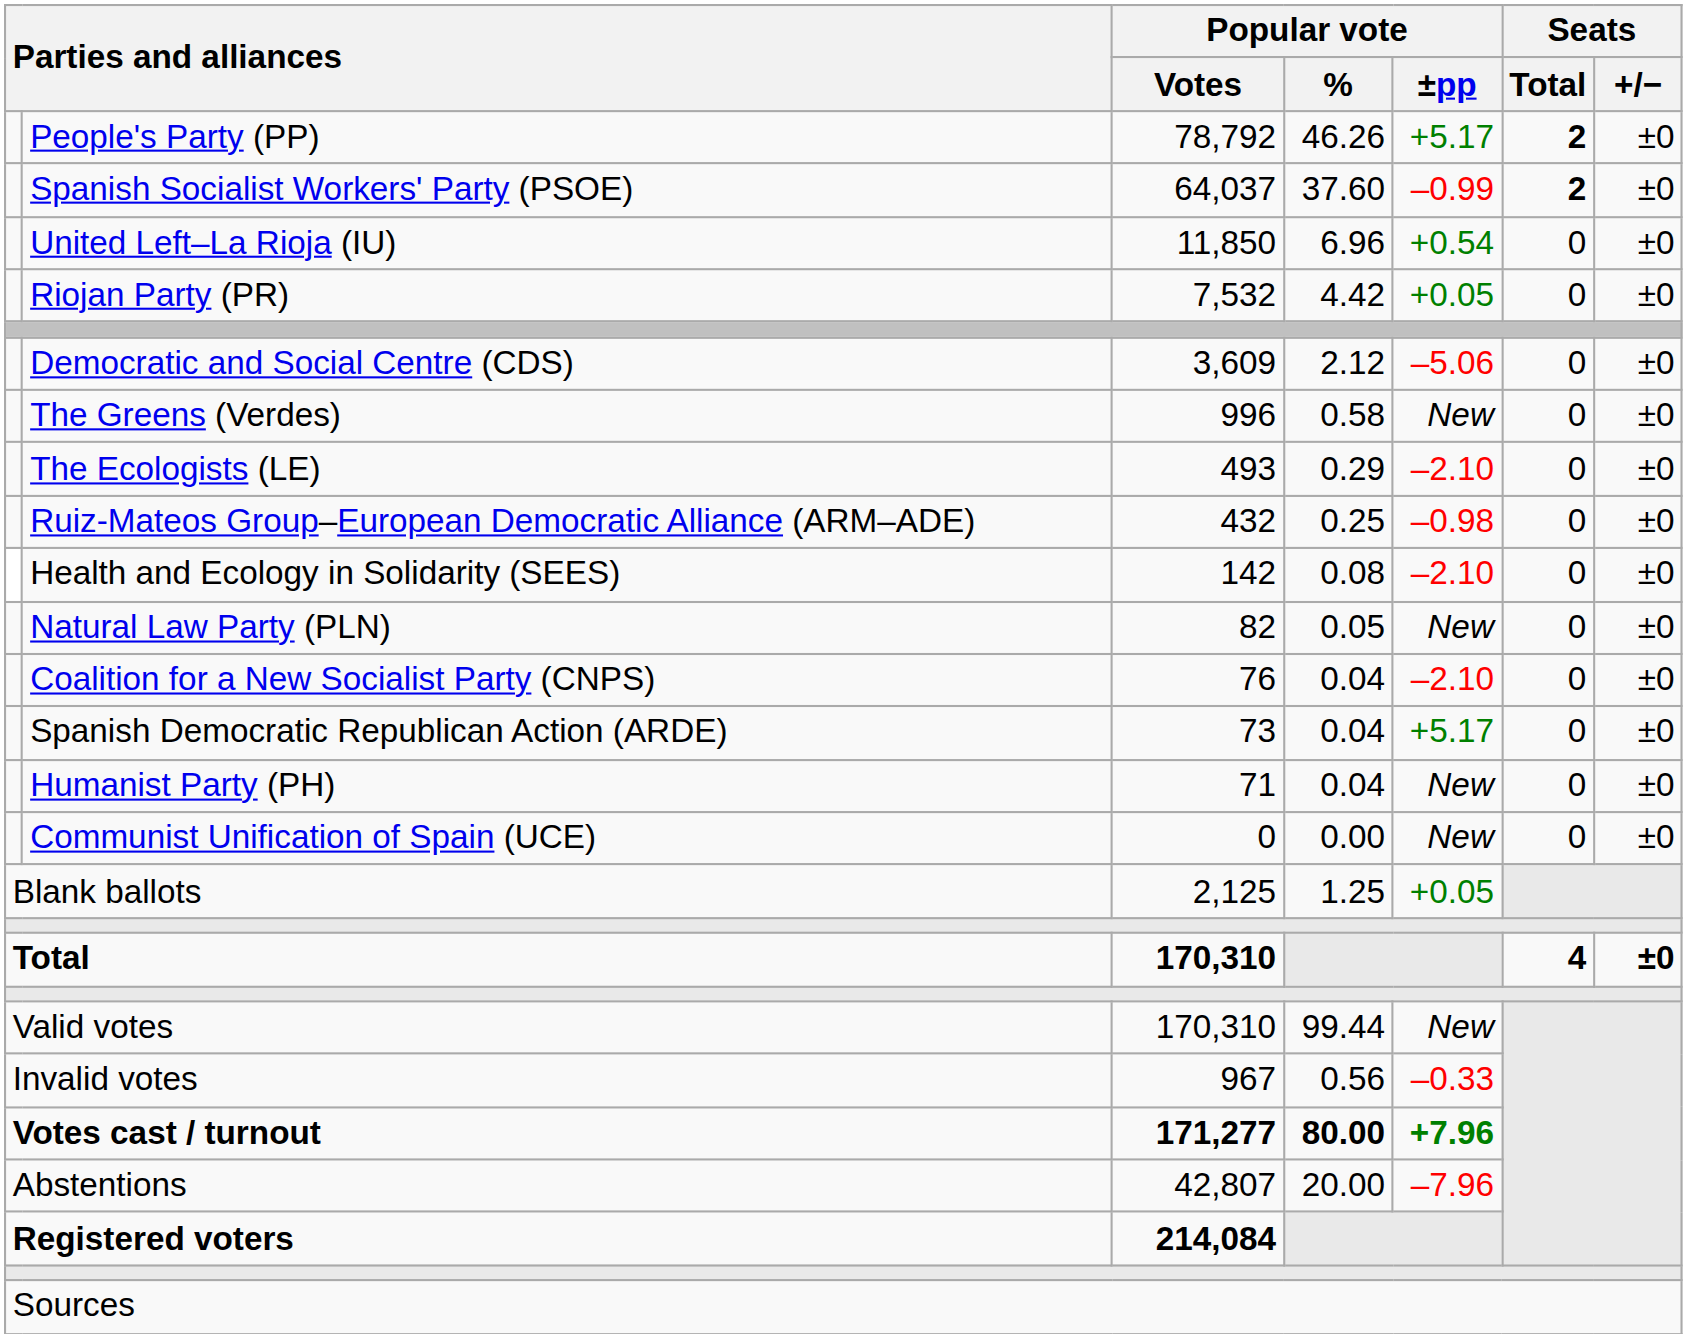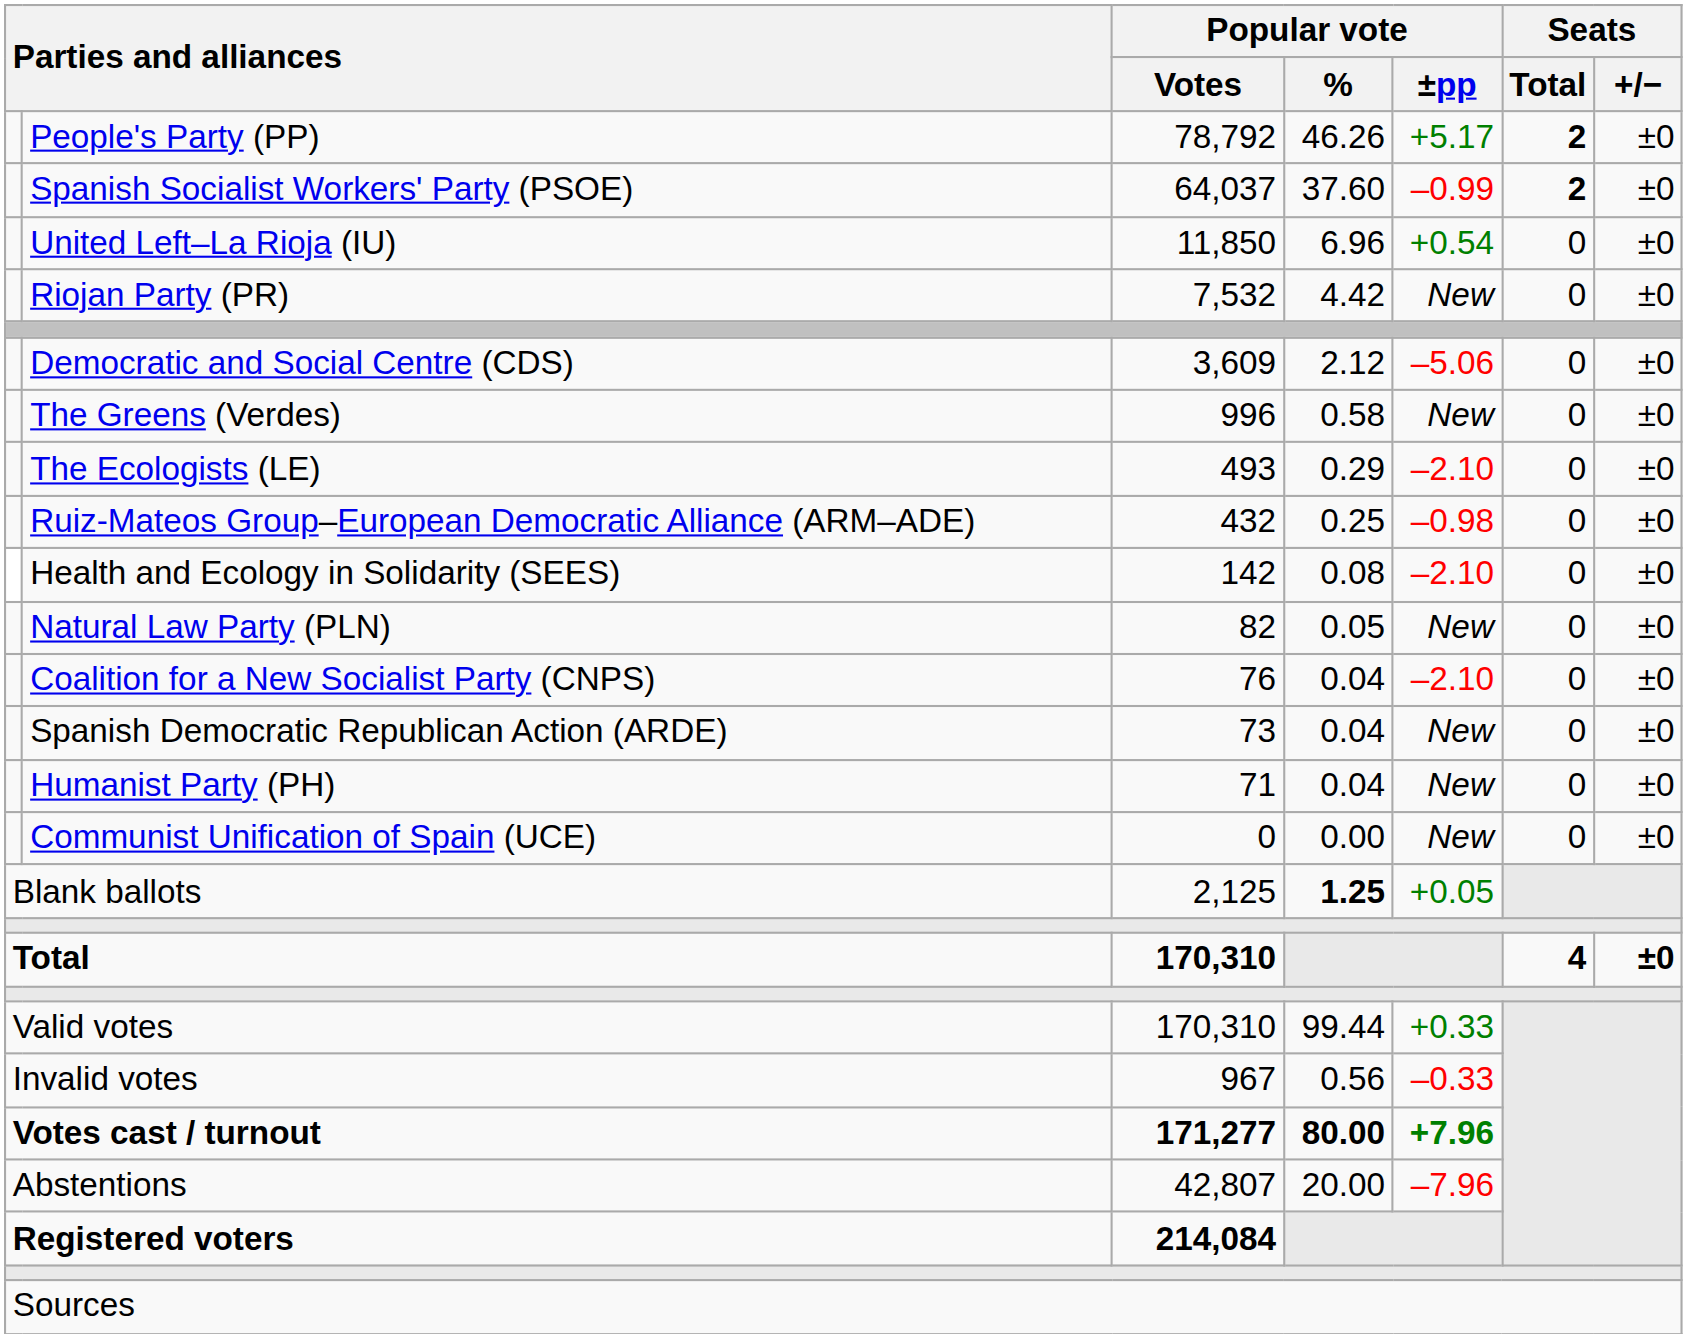 <table class="wikitable" style="text-align:right;">
 <tr>
 <th style="text-align:left;" rowspan="2" colspan="2" width="525">Parties and alliances</th>
 <th colspan="3">Popular vote</th>
 <th colspan="2">Seats</th>
 </tr>
 <tr>
 <th width="75">Votes</th>
 <th width="45">%</th>
 <th width="45">±<a href='#'>pp</a></th>
 <th width="35">Total</th>
 <th width="35">+/−</th>
 </tr>
 <tr>
 <td width="1" style="color:inherit;background:"></td>
 <td align="left"><a href='#'>People's Party</a> (PP)</td>
 <td>78,792</td>
 <td>46.26</td>
 <td style="color:green;">+5.17</td>
 <td><strong>2</strong></td>
 <td>±0</td>
 </tr>
 <tr>
 <td style="color:inherit;background:"></td>
 <td align="left"><a href='#'>Spanish Socialist Workers' Party</a> (PSOE)</td>
 <td>64,037</td>
 <td>37.60</td>
 <td style="color:red;">–0.99</td>
 <td><strong>2</strong></td>
 <td>±0</td>
 </tr>
 <tr>
 <td style="color:inherit;background:"></td>
 <td align="left"><a href='#'>United Left–La Rioja</a> (IU)</td>
 <td>11,850</td>
 <td>6.96</td>
 <td style="color:green;">+0.54</td>
 <td>0</td>
 <td>±0</td>
 </tr>
 <tr>
 <td style="color:inherit;background:"></td>
 <td align="left"><a href='#'>Riojan Party</a> (PR)</td>
 <td>7,532</td>
 <td>4.42</td>
-<td style="color:green;">+0.05</td>
+<td><em>New</em></td>
 <td>0</td>
 <td>±0</td>
 </tr>
 <tr>
 <td colspan="7" bgcolor="#C0C0C0"></td>
 </tr>
 <tr>
 <td style="color:inherit;background:"></td>
 <td align="left"><a href='#'>Democratic and Social Centre</a> (CDS)</td>
 <td>3,609</td>
 <td>2.12</td>
 <td style="color:red;">–5.06</td>
 <td>0</td>
 <td>±0</td>
 </tr>
 <tr>
 <td style="color:inherit;background:"></td>
 <td align="left"><a href='#'>The Greens</a> (Verdes)</td>
 <td>996</td>
 <td>0.58</td>
 <td><em>New</em></td>
 <td>0</td>
 <td>±0</td>
 </tr>
 <tr>
 <td style="color:inherit;background:"></td>
 <td align="left"><a href='#'>The Ecologists</a> (LE)</td>
 <td>493</td>
 <td>0.29</td>
 <td style="color:red;">–2.10</td>
 <td>0</td>
 <td>±0</td>
 </tr>
 <tr>
 <td style="color:inherit;background:"></td>
 <td align="left"><a href='#'>Ruiz-Mateos Group</a>–<a href='#'>European Democratic Alliance</a> (ARM–ADE)</td>
 <td>432</td>
 <td>0.25</td>
 <td style="color:red;">–0.98</td>
 <td>0</td>
 <td>±0</td>
 </tr>
 <tr>
 <td bgcolor="white"></td>
 <td align="left">Health and Ecology in Solidarity (SEES)</td>
 <td>142</td>
 <td>0.08</td>
 <td style="color:red;">–2.10</td>
 <td>0</td>
 <td>±0</td>
 </tr>
 <tr>
 <td style="color:inherit;background:"></td>
 <td align="left"><a href='#'>Natural Law Party</a> (PLN)</td>
 <td>82</td>
 <td>0.05</td>
 <td><em>New</em></td>
 <td>0</td>
 <td>±0</td>
 </tr>
 <tr>
 <td style="color:inherit;background:"></td>
 <td align="left"><a href='#'>Coalition for a New Socialist Party</a> (CNPS)</td>
 <td>76</td>
 <td>0.04</td>
 <td style="color:red;">–2.10</td>
 <td>0</td>
 <td>±0</td>
 </tr>
 <tr>
 <td style="color:inherit;background:"></td>
 <td align="left">Spanish Democratic Republican Action (ARDE)</td>
 <td>73</td>
 <td>0.04</td>
-<td style="color:green;">+5.17</td>
+<td><em>New</em></td>
 <td>0</td>
 <td>±0</td>
 </tr>
 <tr>
 <td style="color:inherit;background:"></td>
 <td align="left"><a href='#'>Humanist Party</a> (PH)</td>
 <td>71</td>
 <td>0.04</td>
 <td><em>New</em></td>
 <td>0</td>
 <td>±0</td>
 </tr>
 <tr>
 <td style="color:inherit;background:"></td>
 <td align="left"><a href='#'>Communist Unification of Spain</a> (UCE)</td>
 <td>0</td>
 <td>0.00</td>
 <td><em>New</em></td>
 <td>0</td>
 <td>±0</td>
 </tr>
 <tr>
 <td align="left" colspan="2">Blank ballots</td>
 <td>2,125</td>
-<td>1.25</td>
+<td><strong>1.25</strong></td>
 <td style="color:green;">+0.05</td>
 <td bgcolor="#E9E9E9" colspan="2"></td>
 </tr>
 <tr>
 <td colspan="7" bgcolor="#E9E9E9"></td>
 </tr>
 <tr style="font-weight:bold;">
 <td align="left" colspan="2">Total</td>
 <td>170,310</td>
 <td bgcolor="#E9E9E9" colspan="2"></td>
 <td>4</td>
 <td>±0</td>
 </tr>
 <tr>
 <td colspan="7" bgcolor="#E9E9E9"></td>
 </tr>
 <tr>
 <td align="left" colspan="2">Valid votes</td>
 <td>170,310</td>
 <td>99.44</td>
-<td><em>New</em></td>
+<td style="color:green;">+0.33</td>
 <td bgcolor="#E9E9E9" colspan="2" rowspan="5"></td>
 </tr>
 <tr>
 <td align="left" colspan="2">Invalid votes</td>
 <td>967</td>
 <td>0.56</td>
 <td style="color:red;">–0.33</td>
 </tr>
 <tr style="font-weight:bold;">
 <td align="left" colspan="2">Votes cast / turnout</td>
 <td>171,277</td>
 <td>80.00</td>
 <td style="color:green;">+7.96</td>
 </tr>
 <tr>
 <td align="left" colspan="2">Abstentions</td>
 <td>42,807</td>
 <td>20.00</td>
 <td style="color:red;">–7.96</td>
 </tr>
 <tr style="font-weight:bold;">
 <td align="left" colspan="2">Registered voters</td>
 <td>214,084</td>
 <td bgcolor="#E9E9E9" colspan="2"></td>
 </tr>
 <tr>
 <td colspan="7" bgcolor="#E9E9E9"></td>
 </tr>
 <tr>
 <td align="left" colspan="7">Sources</td>
 </tr>
 </table>
